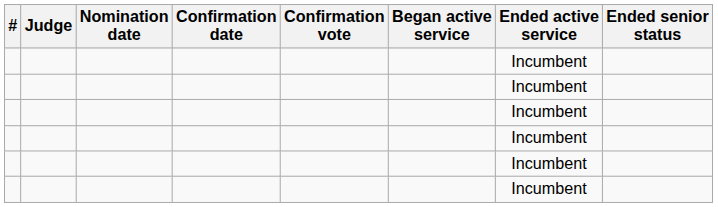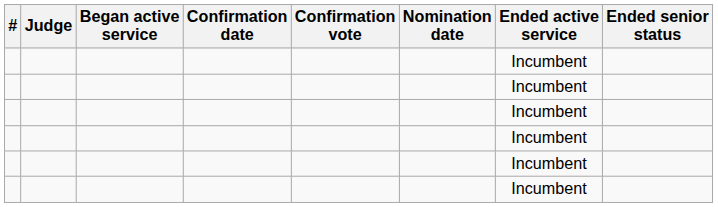 <table class="sortable wikitable">
 <tr bgcolor="#ececec">
 <th>#</th>
 <th>Judge</th>
-<th>Nomination<br>date</th>
+<th>Began active<br>service</th>
 <th>Confirmation<br>date</th>
 <th>Confirmation<br>vote</th>
-<th>Began active<br>service</th>
+<th>Nomination<br>date</th>
 <th>Ended active<br>service</th>
 <th>Ended senior<br>status</th>
 </tr>
 <tr>
 <td></td>
 <td></td>
 <td></td>
 <td></td>
 <td align="center"></td>
 <td></td>
 <td align="center">Incumbent</td>
 <td align="center"></td>
 </tr>
 <tr>
 <td></td>
 <td></td>
 <td></td>
 <td></td>
 <td align="center"></td>
 <td></td>
 <td align="center">Incumbent</td>
 <td align="center"></td>
 </tr>
 <tr>
 <td></td>
 <td></td>
 <td></td>
 <td></td>
 <td align="center"></td>
 <td></td>
 <td align="center">Incumbent</td>
 <td align="center"></td>
 </tr>
 <tr>
 <td></td>
 <td></td>
 <td></td>
 <td></td>
 <td align="center"></td>
 <td></td>
 <td align="center">Incumbent</td>
 <td align="center"></td>
 </tr>
 <tr>
 <td></td>
 <td></td>
 <td></td>
 <td></td>
 <td align="center"></td>
 <td></td>
 <td align="center">Incumbent</td>
 <td align="center"></td>
 </tr>
 <tr>
 <td></td>
 <td></td>
 <td></td>
 <td></td>
 <td align="center"></td>
 <td></td>
 <td align="center">Incumbent</td>
 <td align="center"></td>
 </tr>
 </table>
